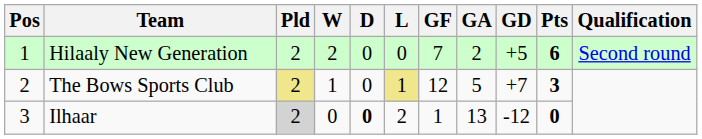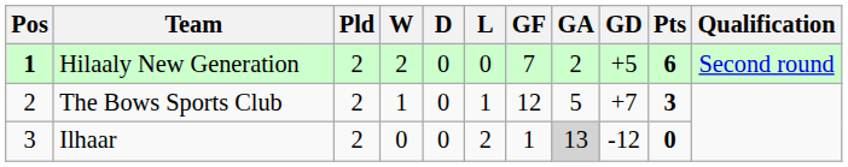 <table class="wikitable" style="text-align:center">
 <tr>
 <th style="width:20px;" abbr="Position">Pos</th>
 <th width=175>Team</th>
 <th style="width:20px;" abbr="Played">Pld</th>
 <th style="width:20px;" abbr="Won">W</th>
 <th style="width:20px;" abbr="Drawn">D</th>
 <th style="width:20px;" abbr="Lost">L</th>
 <th style="width:20px;" abbr="Goals for">GF</th>
 <th style="width:20px;" abbr="Goals against">GA</th>
 <th style="width:20px;" abbr="Goal difference">GD</th>
 <th style="width:20px;" abbr="Points">Pts</th>
 <th style="width:20px;">Qualification</th>
 </tr>
 <tr style="background:#cfc;">
-<td>1</td>
+<td><strong>1</strong></td>
 <td align=left>Hilaaly New Generation</td>
 <td>2</td>
 <td>2</td>
 <td>0</td>
 <td>0</td>
 <td>7</td>
 <td>2</td>
 <td>+5</td>
 <td><strong>6</strong></td>
 <td><a href='#'>Second round</a></td>
 </tr>
 <tr>
 <td>2</td>
 <td align=left>The Bows Sports Club</td>
-<td style="background: khaki;">2</td>
+<td>2</td>
 <td>1</td>
 <td>0</td>
-<td style="background: khaki;">1</td>
+<td>1</td>
 <td>12</td>
 <td>5</td>
 <td>+7</td>
 <td><strong>3</strong></td>
 </tr>
 <tr>
 <td>3</td>
 <td align=left>Ilhaar</td>
-<td style="background: lightgrey;">2</td>
+<td>2</td>
 <td>0</td>
-<td><strong>0</strong></td>
+<td>0</td>
 <td>2</td>
 <td>1</td>
-<td>13</td>
+<td style="background: lightgrey;">13</td>
 <td>-12</td>
 <td><strong>0</strong></td>
 </tr>
 </table>
